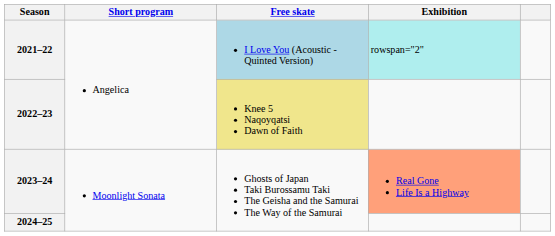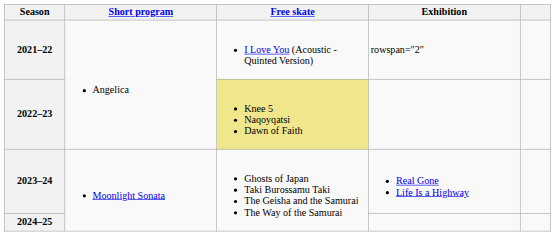 <table class="wikitable unsortable" style="text-align:left">
 <tr>
 <th scope="col" style="text-align:center; width:10%">Season</th>
 <th scope="col" style="text-align:center; width:25%"><a href='#'>Short program</a></th>
 <th scope="col" style="text-align:center; width:25%"><a href='#'>Free skate</a></th>
 <th scope="col" style="text-align:center; width:25%">Exhibition</th>
 <th scope="col" style="text-align:center; width:5%"></th>
 </tr>
 <tr>
 <th scope="row">2021–22</th>
 <td rowspan="2"><br><ul><li>Angelica <br> </li></ul></td>
-<td style="background: lightblue;"><br><ul><li><a href='#'>I Love You</a> (Acoustic - Quinted Version) <br> </li></ul></td>
-<td style="background: paleturquoise;">rowspan="2" </td>
+<td><br><ul><li><a href='#'>I Love You</a> (Acoustic - Quinted Version) <br> </li></ul></td>
+<td>rowspan="2" </td>
 <td></td>
 </tr>
 <tr>
 <th scope="row">2022–23</th>
 <td style="background: khaki;"><br><ul><li>Knee 5 <br> </li><li>Naqoyqatsi <br> </li><li>Dawn of Faith <br> </li></ul></td>
 <td></td>
 </tr>
 <tr>
 <th scope="row">2023–24</th>
 <td rowspan="2"><br><ul><li><a href='#'>Moonlight Sonata</a> <br> </li></ul></td>
 <td rowspan="2"><br><ul><li>Ghosts of Japan <br> </li><li>Taki Burossamu Taki <br> </li><li>The Geisha and the Samurai <br></li><li>The Way of the Samurai <br> </li></ul></td>
-<td style="background: lightsalmon;"><br><ul><li><a href='#'>Real Gone</a> <br> </li><li><a href='#'>Life Is a Highway</a> <br> </li></ul></td>
+<td><br><ul><li><a href='#'>Real Gone</a> <br> </li><li><a href='#'>Life Is a Highway</a> <br> </li></ul></td>
 <td></td>
 </tr>
 <tr>
 <th scope="row">2024–25</th>
 <td></td>
 <td></td>
 </tr>
 </table>
